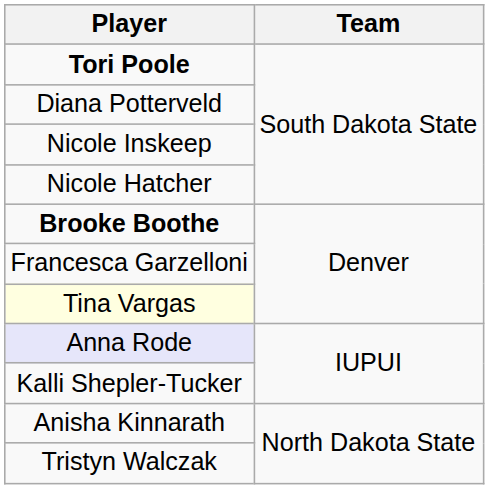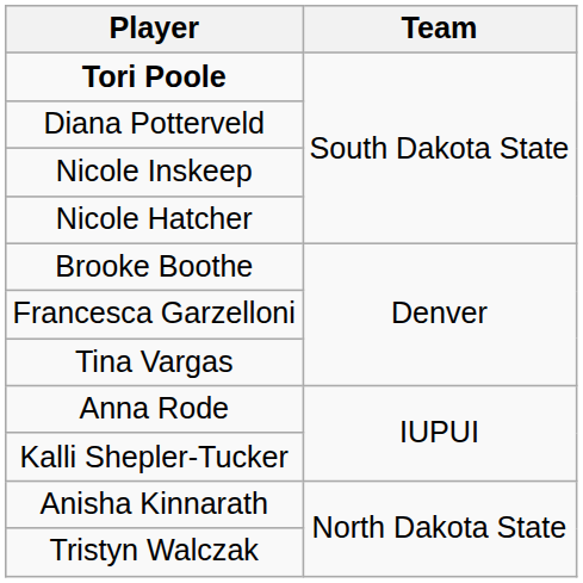 <table class="wikitable" style="text-align: center;">
 <tr>
 <th>Player</th>
 <th>Team</th>
 </tr>
 <tr>
 <td><strong>Tori Poole</strong></td>
 <td rowspan=4>South Dakota State</td>
 </tr>
 <tr>
 <td>Diana Potterveld</td>
 </tr>
 <tr>
 <td>Nicole Inskeep</td>
 </tr>
 <tr>
 <td>Nicole Hatcher</td>
 </tr>
 <tr>
-<td><strong>Brooke Boothe</strong></td>
+<td>Brooke Boothe</td>
 <td rowspan=3>Denver</td>
 </tr>
 <tr>
 <td>Francesca Garzelloni</td>
 </tr>
 <tr>
-<td style="background: lightyellow;">Tina Vargas</td>
+<td>Tina Vargas</td>
 </tr>
 <tr>
-<td style="background: lavender;">Anna Rode</td>
+<td>Anna Rode</td>
 <td rowspan=2>IUPUI</td>
 </tr>
 <tr>
 <td>Kalli Shepler-Tucker</td>
 </tr>
 <tr>
 <td>Anisha Kinnarath</td>
 <td rowspan=2>North Dakota State</td>
 </tr>
 <tr>
 <td>Tristyn Walczak</td>
 </tr>
 </table>
